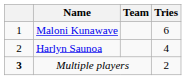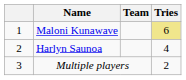 <table class="wikitable" style="text-align:center">
 <tr>
 <th align=center width="35"></th>
 <th>Name</th>
 <th>Team</th>
 <th align=center width="35">Tries</th>
 </tr>
 <tr>
 <td>1</td>
 <td align="left"><a href='#'>Maloni Kunawave</a></td>
 <td align="left"></td>
-<td>6</td>
+<td style="background: khaki;">6</td>
 </tr>
 <tr>
 <td>2</td>
 <td align="left"><a href='#'>Harlyn Saunoa</a></td>
 <td align="left"></td>
 <td>4</td>
 </tr>
 <tr>
-<td><strong>3</strong></td>
+<td>3</td>
 <td colspan=2><em>Multiple players</em></td>
 <td>2</td>
 </tr>
 </table>
